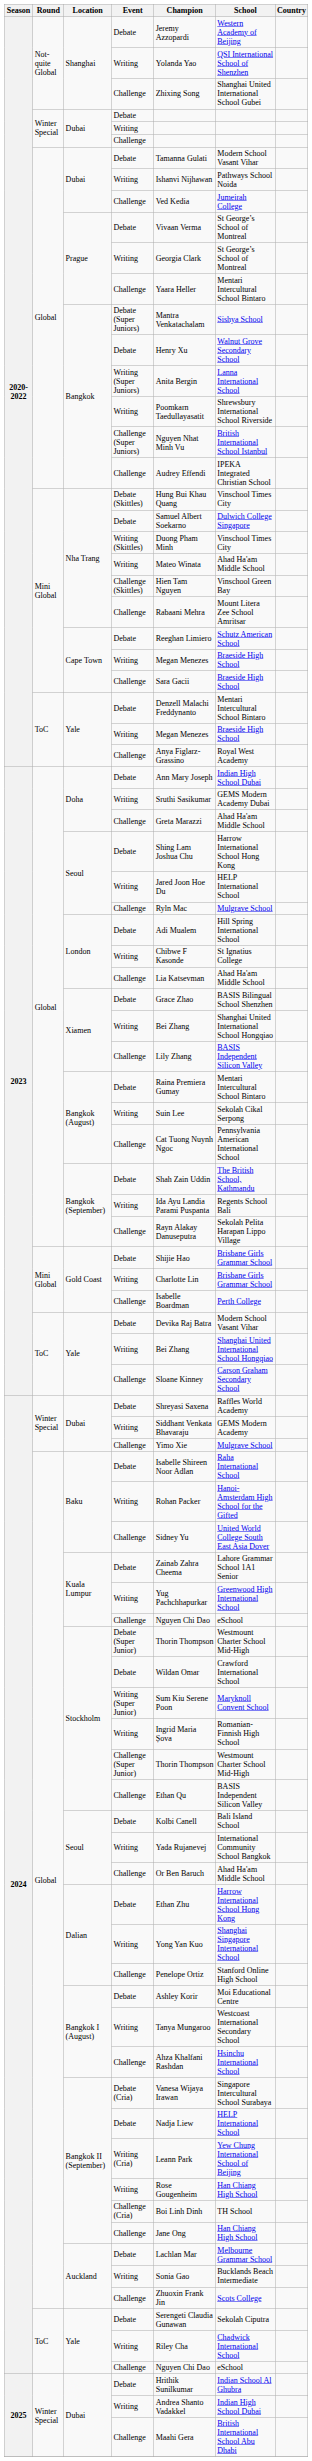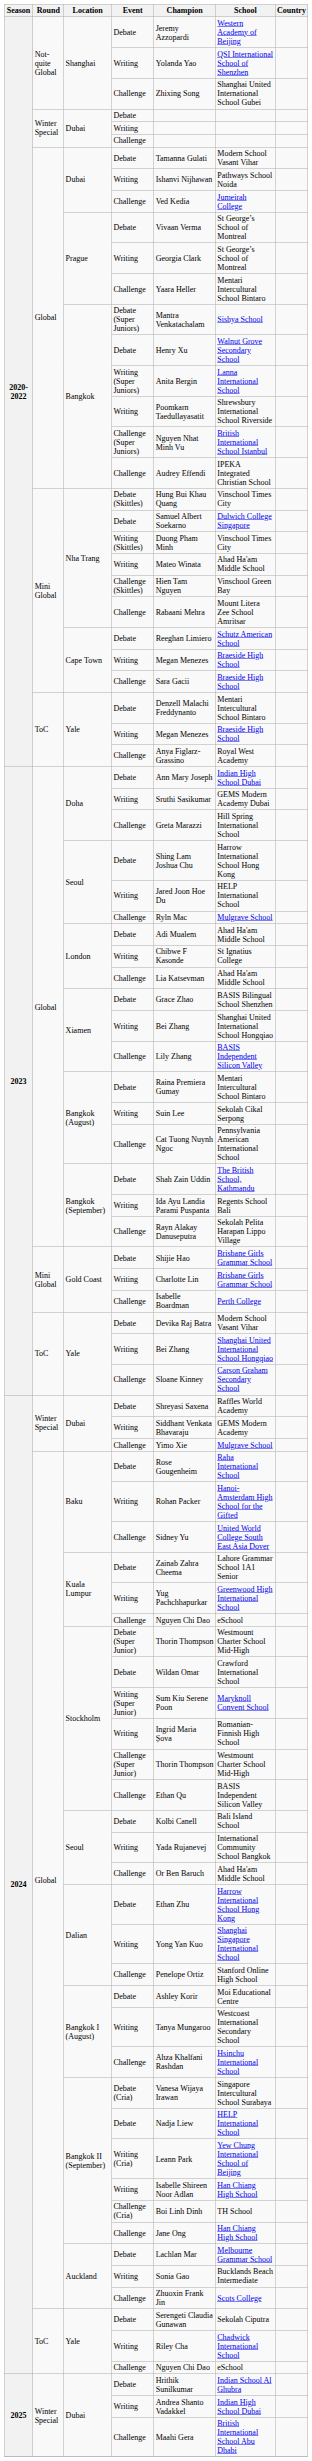 <table class="wikitable mw-collapsible">
 <tr>
 <th>Season</th>
 <th>Round</th>
 <th>Location</th>
 <th>Event</th>
 <th>Champion</th>
 <th>School</th>
 <th>Country</th>
 </tr>
 <tr>
 <th rowspan="30">2020-2022</th>
 <td rowspan="3">Not-quite Global</td>
 <td rowspan="3">Shanghai</td>
 <td>Debate</td>
 <td>Jeremy Azzopardi</td>
 <td><a href='#'>Western Academy of Beijing</a></td>
 <td></td>
 </tr>
 <tr>
 <td>Writing</td>
 <td>Yolanda Yao</td>
 <td><a href='#'>QSI International School of Shenzhen</a></td>
 <td></td>
 </tr>
 <tr>
 <td>Challenge</td>
 <td>Zhixing Song</td>
 <td>Shanghai United International School Gubei</td>
 <td></td>
 </tr>
 <tr>
 <td rowspan="3">Winter Special</td>
 <td rowspan="3">Dubai</td>
 <td>Debate</td>
 <td></td>
 <td></td>
 <td></td>
 </tr>
 <tr>
 <td>Writing</td>
 <td></td>
 <td></td>
 <td></td>
 </tr>
 <tr>
 <td>Challenge</td>
 <td></td>
 <td></td>
 <td></td>
 </tr>
 <tr>
 <td rowspan="12">Global</td>
 <td rowspan="3">Dubai</td>
 <td>Debate</td>
 <td>Tamanna Gulati</td>
 <td>Modern School Vasant Vihar</td>
 <td></td>
 </tr>
 <tr>
 <td>Writing</td>
 <td>Ishanvi Nijhawan</td>
 <td>Pathways School Noida</td>
 <td></td>
 </tr>
 <tr>
 <td>Challenge</td>
 <td>Ved Kedia</td>
 <td><a href='#'>Jumeirah College</a></td>
 <td></td>
 </tr>
 <tr>
 <td rowspan="3">Prague</td>
 <td>Debate</td>
 <td>Vivaan Verma</td>
 <td>St George’s School of Montreal</td>
 <td></td>
 </tr>
 <tr>
 <td>Writing</td>
 <td>Georgia Clark</td>
 <td>St George’s School of Montreal</td>
 <td></td>
 </tr>
 <tr>
 <td>Challenge</td>
 <td>Yaara Heller</td>
 <td>Mentari Intercultural School Bintaro</td>
 <td></td>
 </tr>
 <tr>
 <td rowspan="6">Bangkok</td>
 <td>Debate (Super Juniors)</td>
 <td>Mantra Venkatachalam</td>
 <td><a href='#'>Sishya School</a></td>
 <td></td>
 </tr>
 <tr>
 <td>Debate</td>
 <td>Henry Xu</td>
 <td><a href='#'>Walnut Grove Secondary School</a></td>
 <td></td>
 </tr>
 <tr>
 <td>Writing (Super Juniors)</td>
 <td>Anita Bergin</td>
 <td><a href='#'>Lanna International School</a></td>
 <td></td>
 </tr>
 <tr>
 <td>Writing</td>
 <td>Poomkarn Taedullayasatit</td>
 <td>Shrewsbury International School Riverside</td>
 <td></td>
 </tr>
 <tr>
 <td>Challenge (Super Juniors)</td>
 <td>Nguyen Nhat Minh Vu</td>
 <td><a href='#'>British International School Istanbul</a></td>
 <td></td>
 </tr>
 <tr>
 <td>Challenge</td>
 <td>Audrey Effendi</td>
 <td>IPEKA Integrated Christian School</td>
 <td></td>
 </tr>
 <tr>
 <td rowspan="9">Mini Global</td>
 <td rowspan="6">Nha Trang</td>
 <td>Debate (Skittles)</td>
 <td>Hung Bui Khau Quang</td>
 <td>Vinschool Times City</td>
 <td></td>
 </tr>
 <tr>
 <td>Debate</td>
 <td>Samuel Albert Soekarno</td>
 <td><a href='#'>Dulwich College Singapore</a></td>
 <td></td>
 </tr>
 <tr>
 <td>Writing (Skittles)</td>
 <td>Duong Pham Minh</td>
 <td>Vinschool Times City</td>
 <td></td>
 </tr>
 <tr>
 <td>Writing</td>
 <td>Mateo Winata</td>
 <td>Ahad Ha'am Middle School</td>
 <td></td>
 </tr>
 <tr>
 <td>Challenge (Skittles)</td>
 <td>Hien Tam Nguyen</td>
 <td>Vinschool Green Bay</td>
 <td></td>
 </tr>
 <tr>
 <td>Challenge</td>
 <td>Rabaani Mehra</td>
 <td>Mount Litera Zee School Amritsar</td>
 <td></td>
 </tr>
 <tr>
 <td rowspan="3">Cape Town</td>
 <td>Debate</td>
 <td>Reeghan Limiero</td>
 <td><a href='#'>Schutz American School</a></td>
 <td></td>
 </tr>
 <tr>
 <td>Writing</td>
 <td>Megan Menezes</td>
 <td><a href='#'>Braeside High School</a></td>
 <td></td>
 </tr>
 <tr>
 <td>Challenge</td>
 <td>Sara Gacii</td>
 <td><a href='#'>Braeside High School</a></td>
 <td></td>
 </tr>
 <tr>
 <td rowspan="3">ToC</td>
 <td rowspan="3">Yale</td>
 <td>Debate</td>
 <td>Denzell Malachi Freddynanto</td>
 <td>Mentari Intercultural School Bintaro</td>
 <td></td>
 </tr>
 <tr>
 <td>Writing</td>
 <td>Megan Menezes</td>
 <td><a href='#'>Braeside High School</a></td>
 <td></td>
 </tr>
 <tr>
 <td>Challenge</td>
 <td>Anya Figlarz-Grassino</td>
 <td>Royal West Academy</td>
 <td></td>
 </tr>
 <tr>
 <th rowspan="24">2023</th>
 <td rowspan="18">Global</td>
 <td rowspan="3">Doha</td>
 <td>Debate</td>
 <td>Ann Mary Joseph</td>
 <td><a href='#'>Indian High School Dubai</a></td>
 <td></td>
 </tr>
 <tr>
 <td>Writing</td>
 <td>Sruthi Sasikumar</td>
 <td>GEMS Modern Academy Dubai</td>
 <td></td>
 </tr>
 <tr>
 <td>Challenge</td>
 <td>Greta Marazzi</td>
-<td>Ahad Ha'am Middle School</td>
+<td>Hill Spring International School</td>
 <td></td>
 </tr>
 <tr>
 <td rowspan="3">Seoul</td>
 <td>Debate</td>
 <td>Shing Lam Joshua Chu</td>
 <td>Harrow International School Hong Kong</td>
 <td></td>
 </tr>
 <tr>
 <td>Writing</td>
 <td>Jared Joon Hoe Du</td>
 <td>HELP International School</td>
 <td></td>
 </tr>
 <tr>
 <td>Challenge</td>
 <td>Ryln Mac</td>
 <td><a href='#'>Mulgrave School</a></td>
 <td></td>
 </tr>
 <tr>
 <td rowspan="3">London</td>
 <td>Debate</td>
 <td>Adi Mualem</td>
-<td>Hill Spring International School</td>
+<td>Ahad Ha'am Middle School</td>
 <td></td>
 </tr>
 <tr>
 <td>Writing</td>
 <td>Chibwe F Kasonde</td>
 <td>St Ignatius College</td>
 <td></td>
 </tr>
 <tr>
 <td>Challenge</td>
 <td>Lia Katsevman</td>
 <td>Ahad Ha'am Middle School</td>
 <td></td>
 </tr>
 <tr>
 <td rowspan="3">Xiamen</td>
 <td>Debate</td>
 <td>Grace Zhao</td>
 <td>BASIS Bilingual School Shenzhen</td>
 <td></td>
 </tr>
 <tr>
 <td>Writing</td>
 <td>Bei Zhang</td>
 <td>Shanghai United International School Hongqiao</td>
 <td></td>
 </tr>
 <tr>
 <td>Challenge</td>
 <td>Lily Zhang</td>
 <td><a href='#'>BASIS Independent Silicon Valley</a></td>
 <td></td>
 </tr>
 <tr>
 <td rowspan="3">Bangkok (August)</td>
 <td>Debate</td>
 <td>Raina Premiera Gumay</td>
 <td>Mentari Intercultural School Bintaro</td>
 <td></td>
 </tr>
 <tr>
 <td>Writing</td>
 <td>Suin Lee</td>
 <td>Sekolah Cikal Serpong</td>
 <td></td>
 </tr>
 <tr>
 <td>Challenge</td>
 <td>Cat Tuong Nuynh Ngoc</td>
 <td>Pennsylvania American International School</td>
 <td></td>
 </tr>
 <tr>
 <td rowspan="3">Bangkok (September)</td>
 <td>Debate</td>
 <td>Shah Zain Uddin</td>
 <td><a href='#'>The British School, Kathmandu</a></td>
 <td></td>
 </tr>
 <tr>
 <td>Writing</td>
 <td>Ida Ayu Landia Parami Puspanta</td>
 <td>Regents School Bali</td>
 <td></td>
 </tr>
 <tr>
 <td>Challenge</td>
 <td>Rayn Alakay Danuseputra</td>
 <td>Sekolah Pelita Harapan Lippo Village</td>
 <td></td>
 </tr>
 <tr>
 <td rowspan="3">Mini Global</td>
 <td rowspan="3">Gold Coast</td>
 <td>Debate</td>
 <td>Shijie Hao</td>
 <td><a href='#'>Brisbane Girls Grammar School</a></td>
 <td></td>
 </tr>
 <tr>
 <td>Writing</td>
 <td>Charlotte Lin</td>
 <td><a href='#'>Brisbane Girls Grammar School</a></td>
 <td></td>
 </tr>
 <tr>
 <td>Challenge</td>
 <td>Isabelle Boardman</td>
 <td><a href='#'>Perth College</a></td>
 <td></td>
 </tr>
 <tr>
 <td rowspan="3">ToC</td>
 <td rowspan="3">Yale</td>
 <td>Debate</td>
 <td>Devika Raj Batra</td>
 <td>Modern School Vasant Vihar</td>
 <td></td>
 </tr>
 <tr>
 <td>Writing</td>
 <td>Bei Zhang</td>
 <td><a href='#'>Shanghai United International School Hongqiao</a></td>
 <td></td>
 </tr>
 <tr>
 <td>Challenge</td>
 <td>Sloane Kinney</td>
 <td><a href='#'>Carson Graham Secondary School</a></td>
 <td></td>
 </tr>
 <tr>
 <th rowspan="36">2024</th>
 <td rowspan="3">Winter Special</td>
 <td rowspan="3">Dubai</td>
 <td>Debate</td>
 <td>Shreyasi Saxena</td>
 <td>Raffles World Academy</td>
 <td></td>
 </tr>
 <tr>
 <td>Writing</td>
 <td>Siddhant Venkata Bhavaraju</td>
 <td>GEMS Modern Academy</td>
 <td></td>
 </tr>
 <tr>
 <td>Challenge</td>
 <td>Yimo Xie</td>
 <td><a href='#'>Mulgrave School</a></td>
 <td></td>
 </tr>
 <tr>
 <td rowspan="30">Global</td>
 <td rowspan="3">Baku</td>
 <td>Debate</td>
-<td>Isabelle Shireen Noor Adlan</td>
+<td>Rose Gougenheim</td>
 <td><a href='#'>Raha International School</a></td>
 <td></td>
 </tr>
 <tr>
 <td>Writing</td>
 <td>Rohan Packer</td>
 <td><a href='#'>Hanoi-Amsterdam High School for the Gifted</a></td>
 <td></td>
 </tr>
 <tr>
 <td>Challenge</td>
 <td>Sidney Yu</td>
 <td><a href='#'>United World College South East Asia Dover</a></td>
 <td></td>
 </tr>
 <tr>
 <td rowspan="3">Kuala Lumpur</td>
 <td>Debate</td>
 <td>Zainab Zahra Cheema</td>
 <td>Lahore Grammar School 1A1 Senior</td>
 <td></td>
 </tr>
 <tr>
 <td>Writing</td>
 <td>Yug Pachchhapurkar</td>
 <td><a href='#'>Greenwood High International School</a></td>
 <td></td>
 </tr>
 <tr>
 <td>Challenge</td>
 <td>Nguyen Chi Dao</td>
 <td>eSchool</td>
 <td></td>
 </tr>
 <tr>
 <td rowspan="6">Stockholm</td>
 <td>Debate (Super Junior)</td>
 <td>Thorin Thompson</td>
 <td>Westmount Charter School Mid-High</td>
 <td></td>
 </tr>
 <tr>
 <td>Debate</td>
 <td>Wildan Omar</td>
 <td>Crawford International School</td>
 <td></td>
 </tr>
 <tr>
 <td>Writing (Super Junior)</td>
 <td>Sum Kiu Serene Poon</td>
 <td><a href='#'>Maryknoll Convent School</a></td>
 <td></td>
 </tr>
 <tr>
 <td>Writing</td>
 <td>Ingrid Maria Șova</td>
 <td>Romanian-Finnish High School</td>
 <td></td>
 </tr>
 <tr>
 <td>Challenge (Super Junior)</td>
 <td>Thorin Thompson</td>
 <td>Westmount Charter School Mid-High</td>
 <td></td>
 </tr>
 <tr>
 <td>Challenge</td>
 <td>Ethan Qu</td>
 <td>BASIS Independent Silicon Valley</td>
 <td></td>
 </tr>
 <tr>
 <td rowspan="3">Seoul</td>
 <td>Debate</td>
 <td>Kolbi Canell</td>
 <td>Bali Island School</td>
 <td></td>
 </tr>
 <tr>
 <td>Writing</td>
 <td>Yada Rujanevej</td>
 <td>International Community School Bangkok</td>
 <td></td>
 </tr>
 <tr>
 <td>Challenge</td>
 <td>Or Ben Baruch</td>
 <td>Ahad Ha'am Middle School</td>
 <td></td>
 </tr>
 <tr>
 <td rowspan="3">Dalian</td>
 <td>Debate</td>
 <td>Ethan Zhu</td>
 <td><a href='#'>Harrow International School Hong Kong</a></td>
 <td></td>
 </tr>
 <tr>
 <td>Writing</td>
 <td>Yong Yan Kuo</td>
 <td><a href='#'>Shanghai Singapore International School</a></td>
 <td></td>
 </tr>
 <tr>
 <td>Challenge</td>
 <td>Penelope Ortiz</td>
 <td>Stanford Online High School</td>
 <td></td>
 </tr>
 <tr>
 <td rowspan="3">Bangkok I (August)</td>
 <td>Debate</td>
 <td>Ashley Korir</td>
 <td>Moi Educational Centre</td>
 <td></td>
 </tr>
 <tr>
 <td>Writing</td>
 <td>Tanya Mungaroo</td>
 <td>Westcoast International Secondary School</td>
 <td></td>
 </tr>
 <tr>
 <td>Challenge</td>
 <td>Ahza Khalfani Rashdan</td>
 <td><a href='#'>Hsinchu International School</a></td>
 <td></td>
 </tr>
 <tr>
 <td rowspan="6">Bangkok II (September)</td>
 <td>Debate (Cria)</td>
 <td>Vanesa Wijaya Irawan</td>
 <td>Singapore Intercultural School Surabaya</td>
 <td></td>
 </tr>
 <tr>
 <td>Debate</td>
 <td>Nadja Liew</td>
 <td><a href='#'>HELP International School</a></td>
 <td></td>
 </tr>
 <tr>
 <td>Writing (Cria)</td>
 <td>Leann Park</td>
 <td><a href='#'>Yew Chung International School of Beijing</a></td>
 <td></td>
 </tr>
 <tr>
 <td>Writing</td>
-<td>Rose Gougenheim</td>
+<td>Isabelle Shireen Noor Adlan</td>
 <td><a href='#'>Han Chiang High School</a></td>
 <td></td>
 </tr>
 <tr>
 <td>Challenge (Cria)</td>
 <td>Boi Linh Dinh</td>
 <td>TH School</td>
 <td></td>
 </tr>
 <tr>
 <td>Challenge</td>
 <td>Jane Ong</td>
 <td><a href='#'>Han Chiang High School</a></td>
 <td></td>
 </tr>
 <tr>
 <td rowspan="3">Auckland</td>
 <td>Debate</td>
 <td>Lachlan Mar</td>
 <td><a href='#'>Melbourne Grammar School</a></td>
 <td></td>
 </tr>
 <tr>
 <td>Writing</td>
 <td>Sonia Gao</td>
 <td>Bucklands Beach Intermediate</td>
 <td></td>
 </tr>
 <tr>
 <td>Challenge</td>
 <td>Zhuoxin Frank Jin</td>
 <td><a href='#'>Scots College</a></td>
 <td></td>
 </tr>
 <tr>
 <td rowspan="3">ToC</td>
 <td rowspan="3">Yale</td>
 <td>Debate</td>
 <td>Serengeti Claudia Gunawan</td>
 <td>Sekolah Ciputra</td>
 <td></td>
 </tr>
 <tr>
 <td>Writing</td>
 <td>Riley Cha</td>
 <td><a href='#'>Chadwick International School</a></td>
 <td></td>
 </tr>
 <tr>
 <td>Challenge</td>
 <td>Nguyen Chi Dao</td>
 <td>eSchool</td>
 <td></td>
 </tr>
 <tr>
 <th rowspan="3">2025</th>
 <td rowspan="3">Winter Special</td>
 <td rowspan="3">Dubai</td>
 <td>Debate</td>
 <td>Hrithik Sunilkumar</td>
 <td><a href='#'>Indian School Al Ghubra</a></td>
 <td></td>
 </tr>
 <tr>
 <td>Writing</td>
 <td>Andrea Shanto Vadakkel</td>
 <td><a href='#'>Indian High School Dubai</a></td>
 <td></td>
 </tr>
 <tr>
 <td>Challenge</td>
 <td>Maahi Gera</td>
 <td><a href='#'>British International School Abu Dhabi</a></td>
 <td></td>
 </tr>
 <tr>
 </tr>
 </table>
